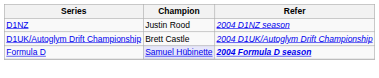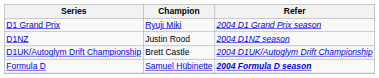 <table class="wikitable" style="font-size:87%;">
 <tr>
 <th>Series</th>
 <th>Champion</th>
 <th>Refer</th>
+</tr>
+<tr>
+<td><a href='#'>D1 Grand Prix</a></td>
+<td> <a href='#'>Ryuji Miki</a></td>
+<td><em><a href='#'>2004 D1 Grand Prix season</a></em></td>
 </tr>
 <tr>
 <td><a href='#'>D1NZ</a></td>
 <td> Justin Rood</td>
 <td><em><a href='#'>2004 D1NZ season</a></em></td>
 </tr>
 <tr>
 <td><a href='#'>D1UK/Autoglym Drift Championship</a></td>
 <td> Brett Castle</td>
 <td><em><a href='#'>2004 D1UK/Autoglym Drift Championship</a></em></td>
 </tr>
 <tr>
 <td><a href='#'>Formula D</a></td>
-<td style="background: lavender;"> <a href='#'>Samuel Hübinette</a></td>
+<td> <a href='#'>Samuel Hübinette</a></td>
 <td><strong><em><a href='#'>2004 Formula D season</a></em></strong></td>
 </tr>
 <tr>
 </tr>
 </table>
